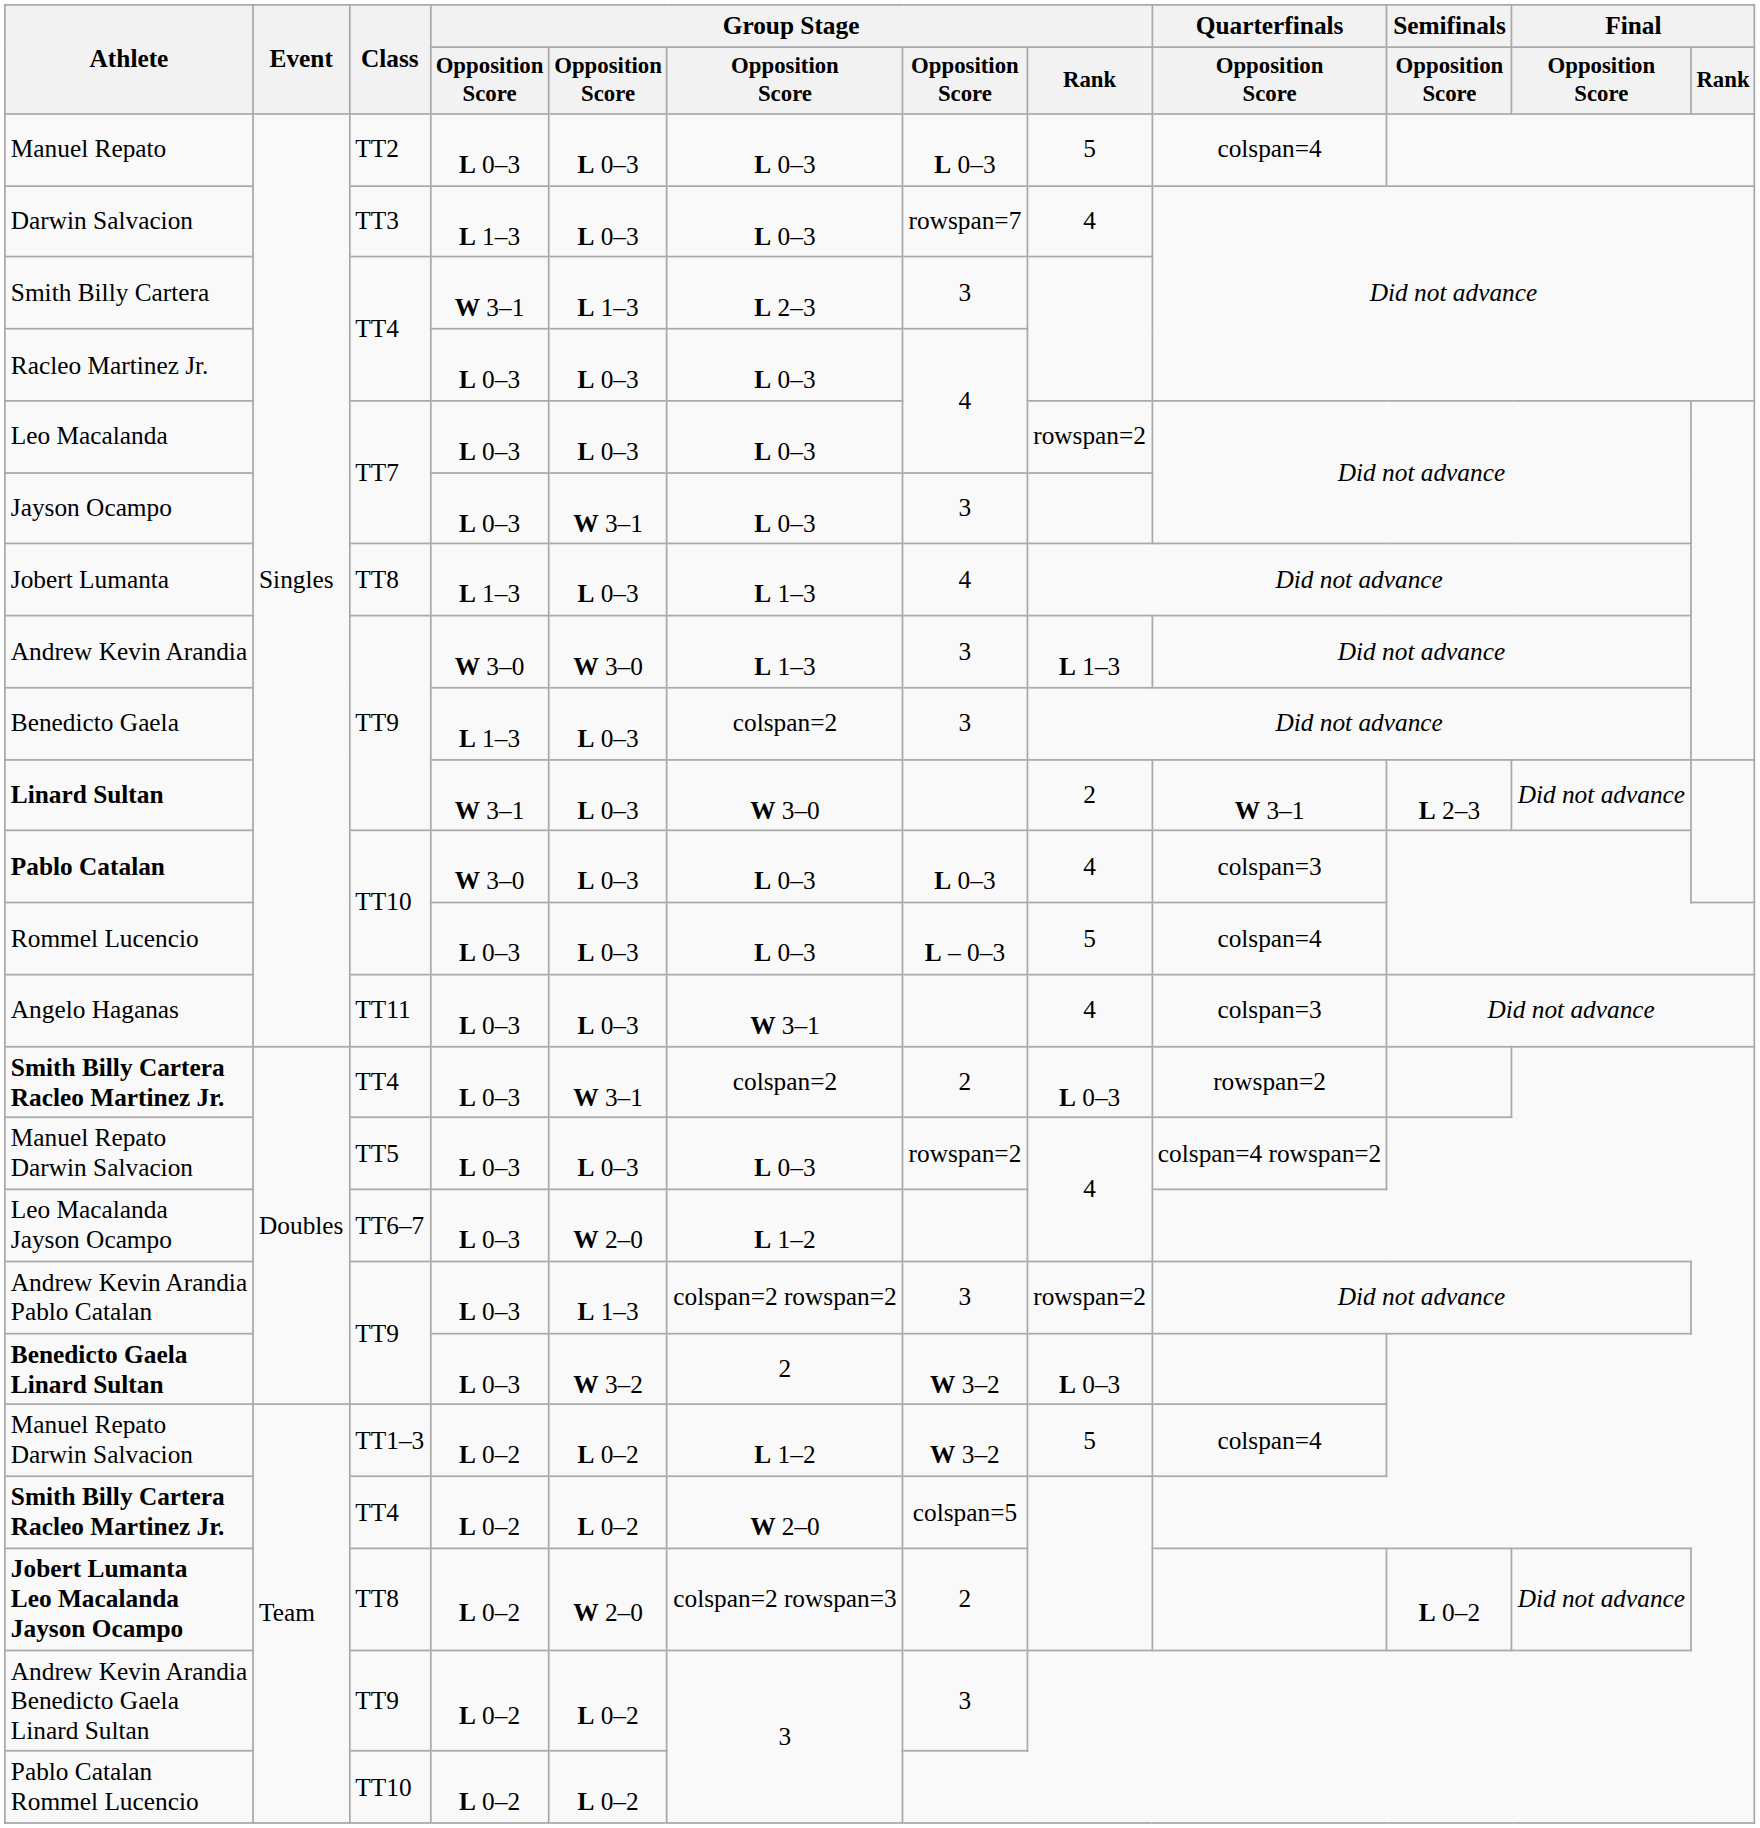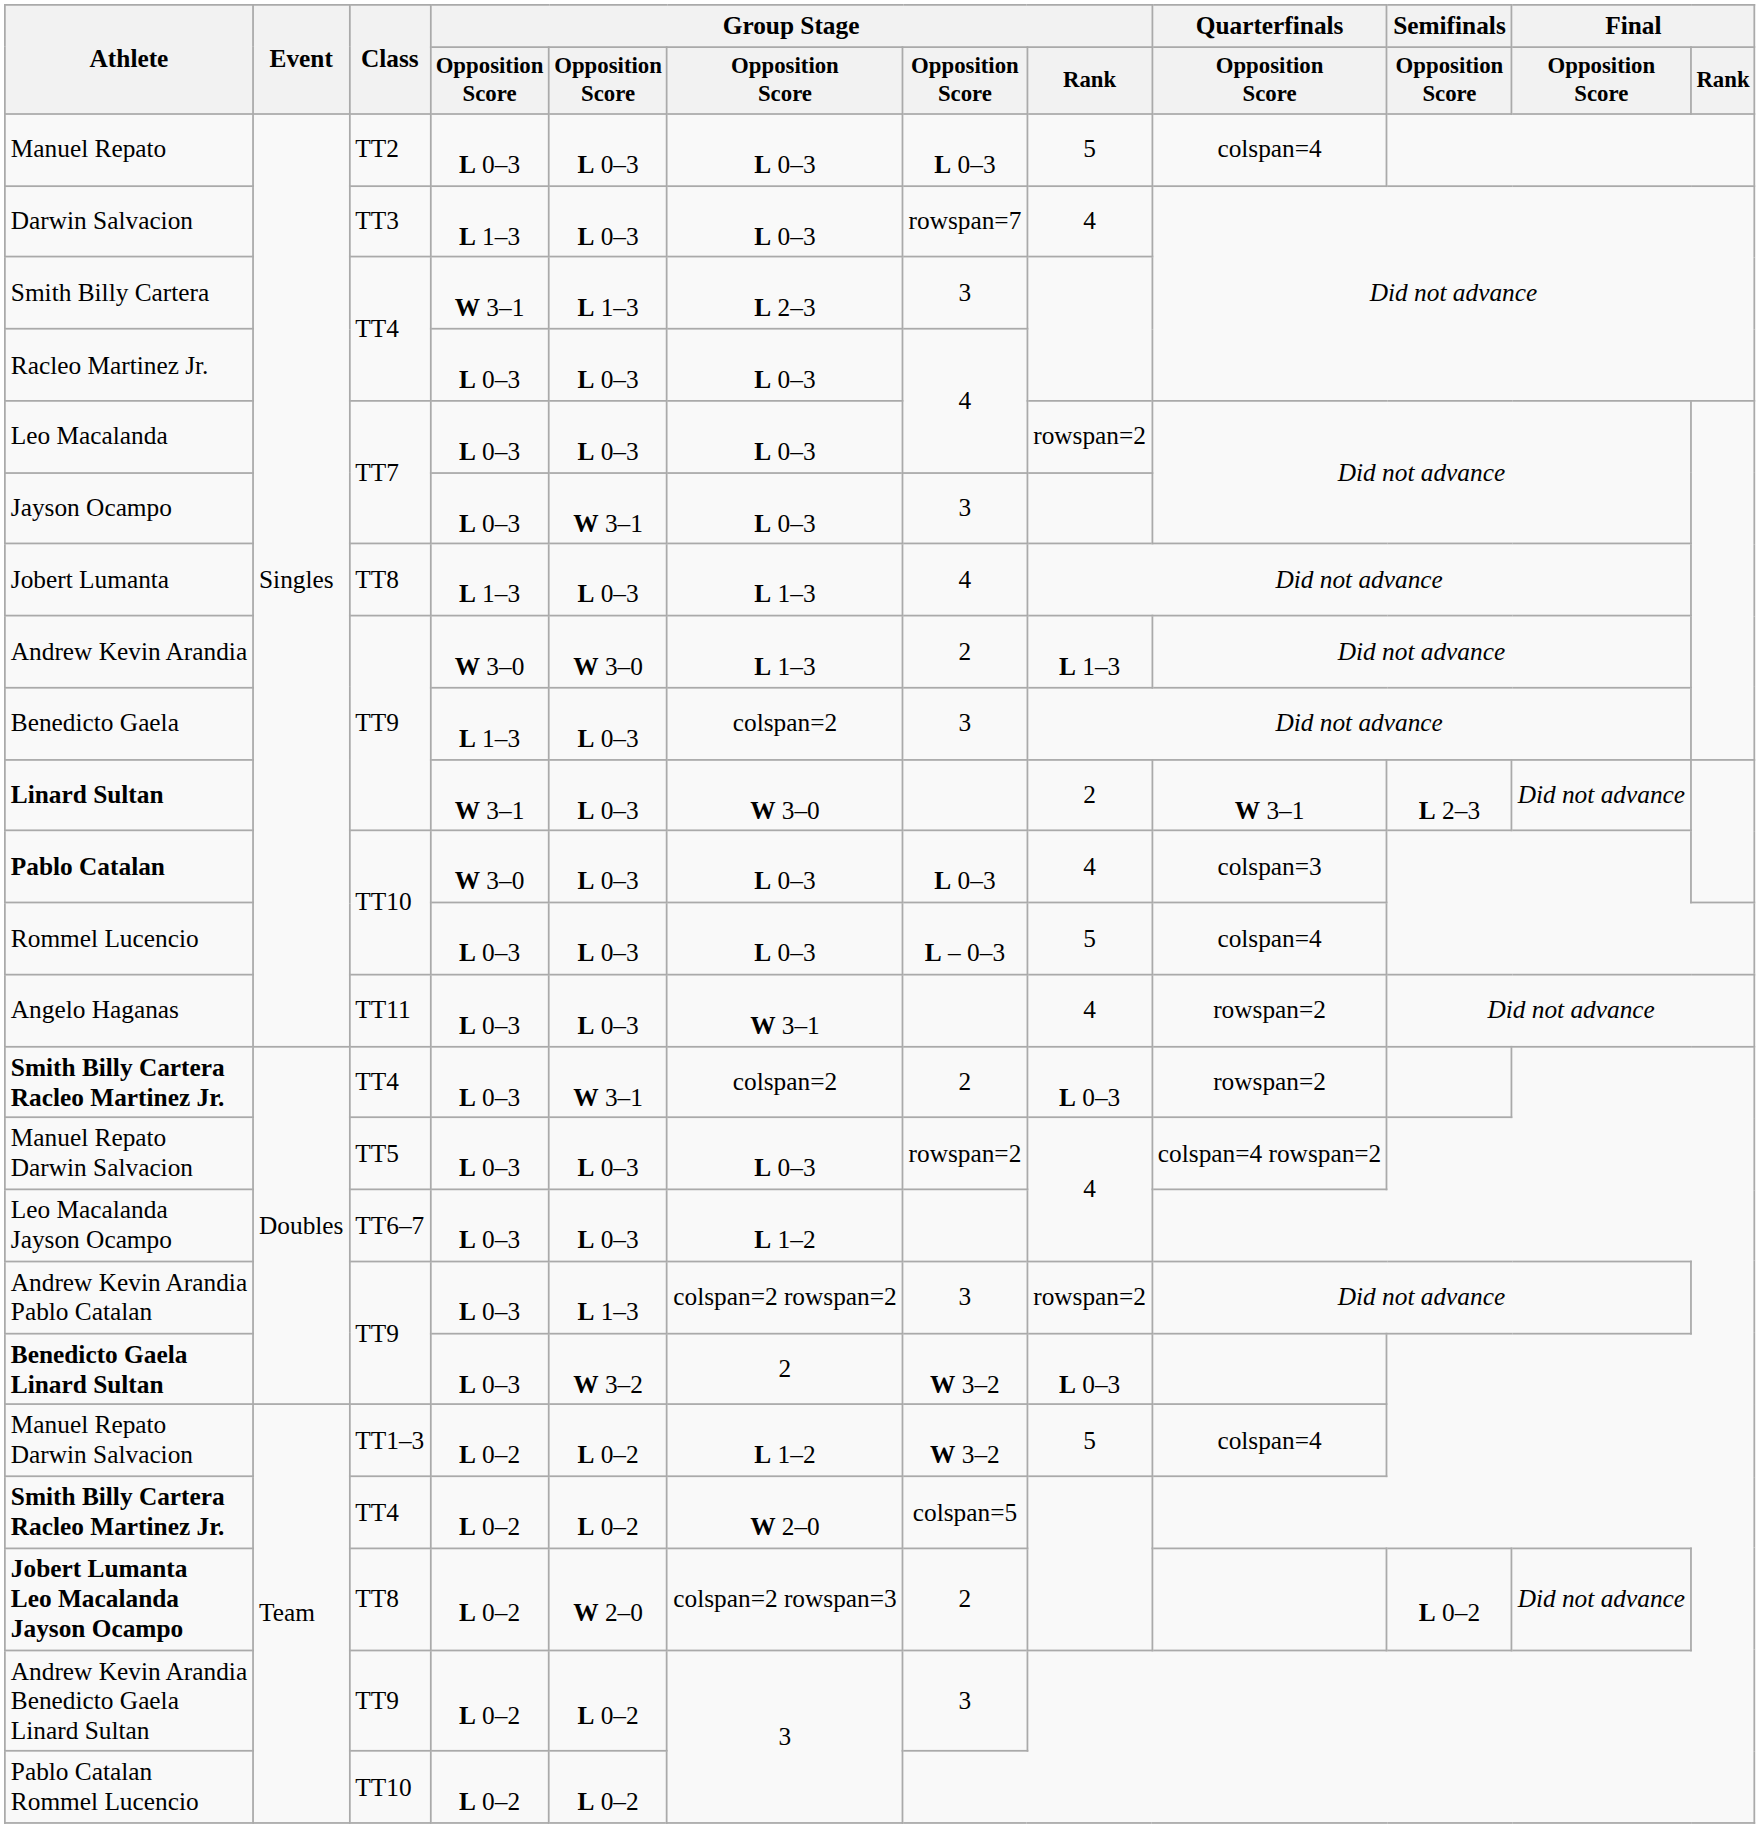 <table class="wikitable" style="font-size:90%; text-align:center">
 <tr>
 <th rowspan=2>Athlete</th>
 <th rowspan=2>Event</th>
 <th rowspan=2>Class</th>
 <th colspan=5>Group Stage</th>
 <th>Quarterfinals</th>
 <th>Semifinals</th>
 <th colspan=2>Final</th>
 </tr>
 <tr style="font-size:90%">
 <th>Opposition<br>Score</th>
 <th>Opposition<br>Score</th>
 <th>Opposition<br>Score</th>
 <th>Opposition<br>Score</th>
 <th>Rank</th>
 <th>Opposition<br>Score</th>
 <th>Opposition<br>Score</th>
 <th>Opposition<br>Score</th>
 <th>Rank</th>
 </tr>
 <tr align=center>
 <td align=left>Manuel Repato</td>
 <td rowspan=13 align=left>Singles</td>
 <td align=left>TT2</td>
 <td><br><strong>L</strong> 0–3</td>
 <td><br><strong>L</strong> 0–3</td>
 <td><br><strong>L</strong> 0–3</td>
 <td><br><strong>L</strong> 0–3</td>
 <td>5</td>
 <td>colspan=4 </td>
 </tr>
 <tr align=center>
 <td align=left>Darwin Salvacion</td>
 <td align=left>TT3</td>
 <td><br><strong>L</strong> 1–3</td>
 <td><br><strong>L</strong> 0–3</td>
 <td><br><strong>L</strong> 0–3</td>
 <td>rowspan=7 </td>
 <td>4</td>
 <td colspan=4 rowspan=3><em>Did not advance</em></td>
 </tr>
 <tr align=center>
 <td align=left>Smith Billy Cartera</td>
 <td rowspan=2 align=left>TT4</td>
 <td><br><strong>W</strong> 3–1</td>
 <td><br><strong>L</strong> 1–3</td>
 <td><br><strong>L</strong> 2–3</td>
 <td>3</td>
 </tr>
 <tr align=center>
 <td align=left>Racleo Martinez Jr.</td>
 <td><br><strong>L</strong> 0–3</td>
 <td><br><strong>L</strong> 0–3</td>
 <td><br><strong>L</strong> 0–3</td>
 <td rowspan=2>4</td>
 </tr>
 <tr align=center>
 <td align=left>Leo Macalanda</td>
 <td rowspan=2 align=left>TT7</td>
 <td><br><strong>L</strong> 0–3</td>
 <td><br><strong>L</strong> 0–3</td>
 <td><br><strong>L</strong> 0–3</td>
 <td>rowspan=2 </td>
 <td colspan=3 rowspan=2><em>Did not advance</em></td>
 </tr>
 <tr align=center>
 <td align=left>Jayson Ocampo</td>
 <td><br><strong>L</strong> 0–3</td>
 <td><br><strong>W</strong> 3–1</td>
 <td><br><strong>L</strong> 0–3</td>
 <td>3</td>
 </tr>
 <tr align=center>
 <td align=left>Jobert Lumanta</td>
 <td align=left>TT8</td>
 <td><br><strong>L</strong> 1–3</td>
 <td><br><strong>L</strong> 0–3</td>
 <td><br><strong>L</strong> 1–3</td>
 <td>4</td>
 <td colspan=4><em>Did not advance</em></td>
 </tr>
 <tr align=center>
 <td align=left>Andrew Kevin Arandia</td>
 <td rowspan=3 align=left>TT9</td>
 <td><br><strong>W</strong> 3–0</td>
 <td><br><strong>W</strong> 3–0</td>
 <td><br><strong>L</strong> 1–3</td>
-<td>3</td>
+<td>2</td>
 <td><br><strong>L</strong> 1–3</td>
 <td colspan=3><em>Did not advance</em></td>
 </tr>
 <tr align=center>
 <td align=left>Benedicto Gaela</td>
 <td><br><strong>L</strong> 1–3</td>
 <td><br><strong>L</strong> 0–3</td>
 <td>colspan=2 </td>
 <td>3</td>
 <td colspan=4><em>Did not advance</em></td>
 </tr>
 <tr align=center>
 <td align=left><strong>Linard Sultan</strong></td>
 <td><br><strong>W</strong> 3–1</td>
 <td><br><strong>L</strong> 0–3</td>
 <td><br><strong>W</strong> 3–0</td>
 <td></td>
 <td>2</td>
 <td><br><strong>W</strong> 3–1</td>
 <td><br><strong>L</strong> 2–3</td>
 <td><em>Did not advance</em></td>
 <td rowspan=2></td>
 </tr>
 <tr align=center>
 <td align=left><strong>Pablo Catalan</strong></td>
 <td rowspan=2 align=left>TT10</td>
 <td><br><strong>W</strong> 3–0</td>
 <td><br><strong>L</strong> 0–3</td>
 <td><br><strong>L</strong> 0–3</td>
 <td><br><strong>L</strong> 0–3</td>
 <td>4</td>
 <td>colspan=3 </td>
 </tr>
 <tr align=center>
 <td align=left>Rommel Lucencio</td>
 <td><br><strong>L</strong> 0–3</td>
 <td><br><strong>L</strong> 0–3</td>
 <td><br><strong>L</strong> 0–3</td>
 <td><br><strong>L</strong> – 0–3</td>
 <td>5</td>
 <td>colspan=4 </td>
 </tr>
 <tr align=center>
 <td align=left>Angelo Haganas</td>
 <td align=left>TT11</td>
 <td><br><strong>L</strong> 0–3</td>
 <td><br><strong>L</strong> 0–3</td>
 <td><br><strong>W</strong> 3–1</td>
 <td></td>
 <td>4</td>
-<td>colspan=3 </td>
+<td>rowspan=2 </td>
 <td colspan=3><em>Did not advance</em></td>
 </tr>
 <tr align=center>
 <td align=left><strong>Smith Billy Cartera<br>Racleo Martinez Jr.</strong></td>
 <td rowspan=5 align=left>Doubles</td>
 <td align=left>TT4</td>
 <td><br><strong>L</strong> 0–3</td>
 <td><br><strong>W</strong> 3–1</td>
 <td>colspan=2 </td>
 <td>2</td>
 <td><br><strong>L</strong> 0–3</td>
 <td>rowspan=2 </td>
 <td></td>
 </tr>
 <tr align=center>
 <td align=left>Manuel Repato<br>Darwin Salvacion</td>
 <td align=left>TT5</td>
 <td><br><strong>L</strong> 0–3</td>
 <td><br><strong>L</strong> 0–3</td>
 <td><br><strong>L</strong> 0–3</td>
 <td>rowspan=2 </td>
 <td rowspan=2>4</td>
 <td>colspan=4 rowspan=2 </td>
 </tr>
 <tr align=center>
 <td align=left>Leo Macalanda<br>Jayson Ocampo</td>
 <td align=left>TT6–7</td>
 <td><br><strong>L</strong> 0–3</td>
-<td><br><strong>W</strong> 2–0</td>
+<td><br><strong>L</strong> 0–3</td>
 <td><br><strong>L</strong> 1–2</td>
 </tr>
 <tr align=center>
 <td align=left>Andrew Kevin Arandia<br>Pablo Catalan</td>
 <td rowspan=2 align=left>TT9</td>
 <td><br><strong>L</strong> 0–3</td>
 <td><br><strong>L</strong> 1–3</td>
 <td>colspan=2 rowspan=2 </td>
 <td>3</td>
 <td>rowspan=2 </td>
 <td colspan=3><em>Did not advance</em></td>
 </tr>
 <tr align=center>
 <td align=left><strong>Benedicto Gaela<br>Linard Sultan</strong></td>
 <td><br><strong>L</strong> 0–3</td>
 <td><br><strong>W</strong> 3–2</td>
 <td>2</td>
 <td><br><strong>W</strong> 3–2</td>
 <td><br><strong>L</strong> 0–3</td>
 <td></td>
 </tr>
 <tr align=center>
 <td align=left>Manuel Repato<br>Darwin Salvacion</td>
 <td rowspan=5 align=left>Team</td>
 <td align=left>TT1–3</td>
 <td><br><strong>L</strong> 0–2</td>
 <td><br><strong>L</strong> 0–2</td>
 <td><br><strong>L</strong> 1–2</td>
 <td><br><strong>W</strong> 3–2</td>
 <td>5</td>
 <td>colspan=4 </td>
 </tr>
 <tr align=center>
 <td align=left><strong>Smith Billy Cartera<br>Racleo Martinez Jr.</strong></td>
 <td align=left>TT4</td>
 <td><br><strong>L</strong> 0–2</td>
 <td><br><strong>L</strong> 0–2</td>
 <td><br><strong>W</strong> 2–0</td>
 <td>colspan=5 </td>
 <td rowspan=2></td>
 </tr>
 <tr align=center>
 <td align=left><strong>Jobert Lumanta<br>Leo Macalanda<br>Jayson Ocampo</strong></td>
 <td align=left>TT8</td>
 <td><br><strong>L</strong> 0–2</td>
 <td><br><strong>W</strong> 2–0</td>
 <td>colspan=2 rowspan=3 </td>
 <td>2</td>
 <td></td>
 <td><br><strong>L</strong> 0–2</td>
 <td><em>Did not advance</em></td>
 </tr>
 <tr align=center>
 <td align=left>Andrew Kevin Arandia<br>Benedicto Gaela<br>Linard Sultan</td>
 <td align=left>TT9</td>
 <td><br><strong>L</strong> 0–2</td>
 <td><br><strong>L</strong> 0–2</td>
 <td rowspan=2>3</td>
 <td>3</td>
 </tr>
 <tr align=center>
 <td align=left>Pablo Catalan<br>Rommel Lucencio</td>
 <td align=left>TT10</td>
 <td><br><strong>L</strong> 0–2</td>
 <td><br><strong>L</strong> 0–2</td>
 </tr>
 </table>
